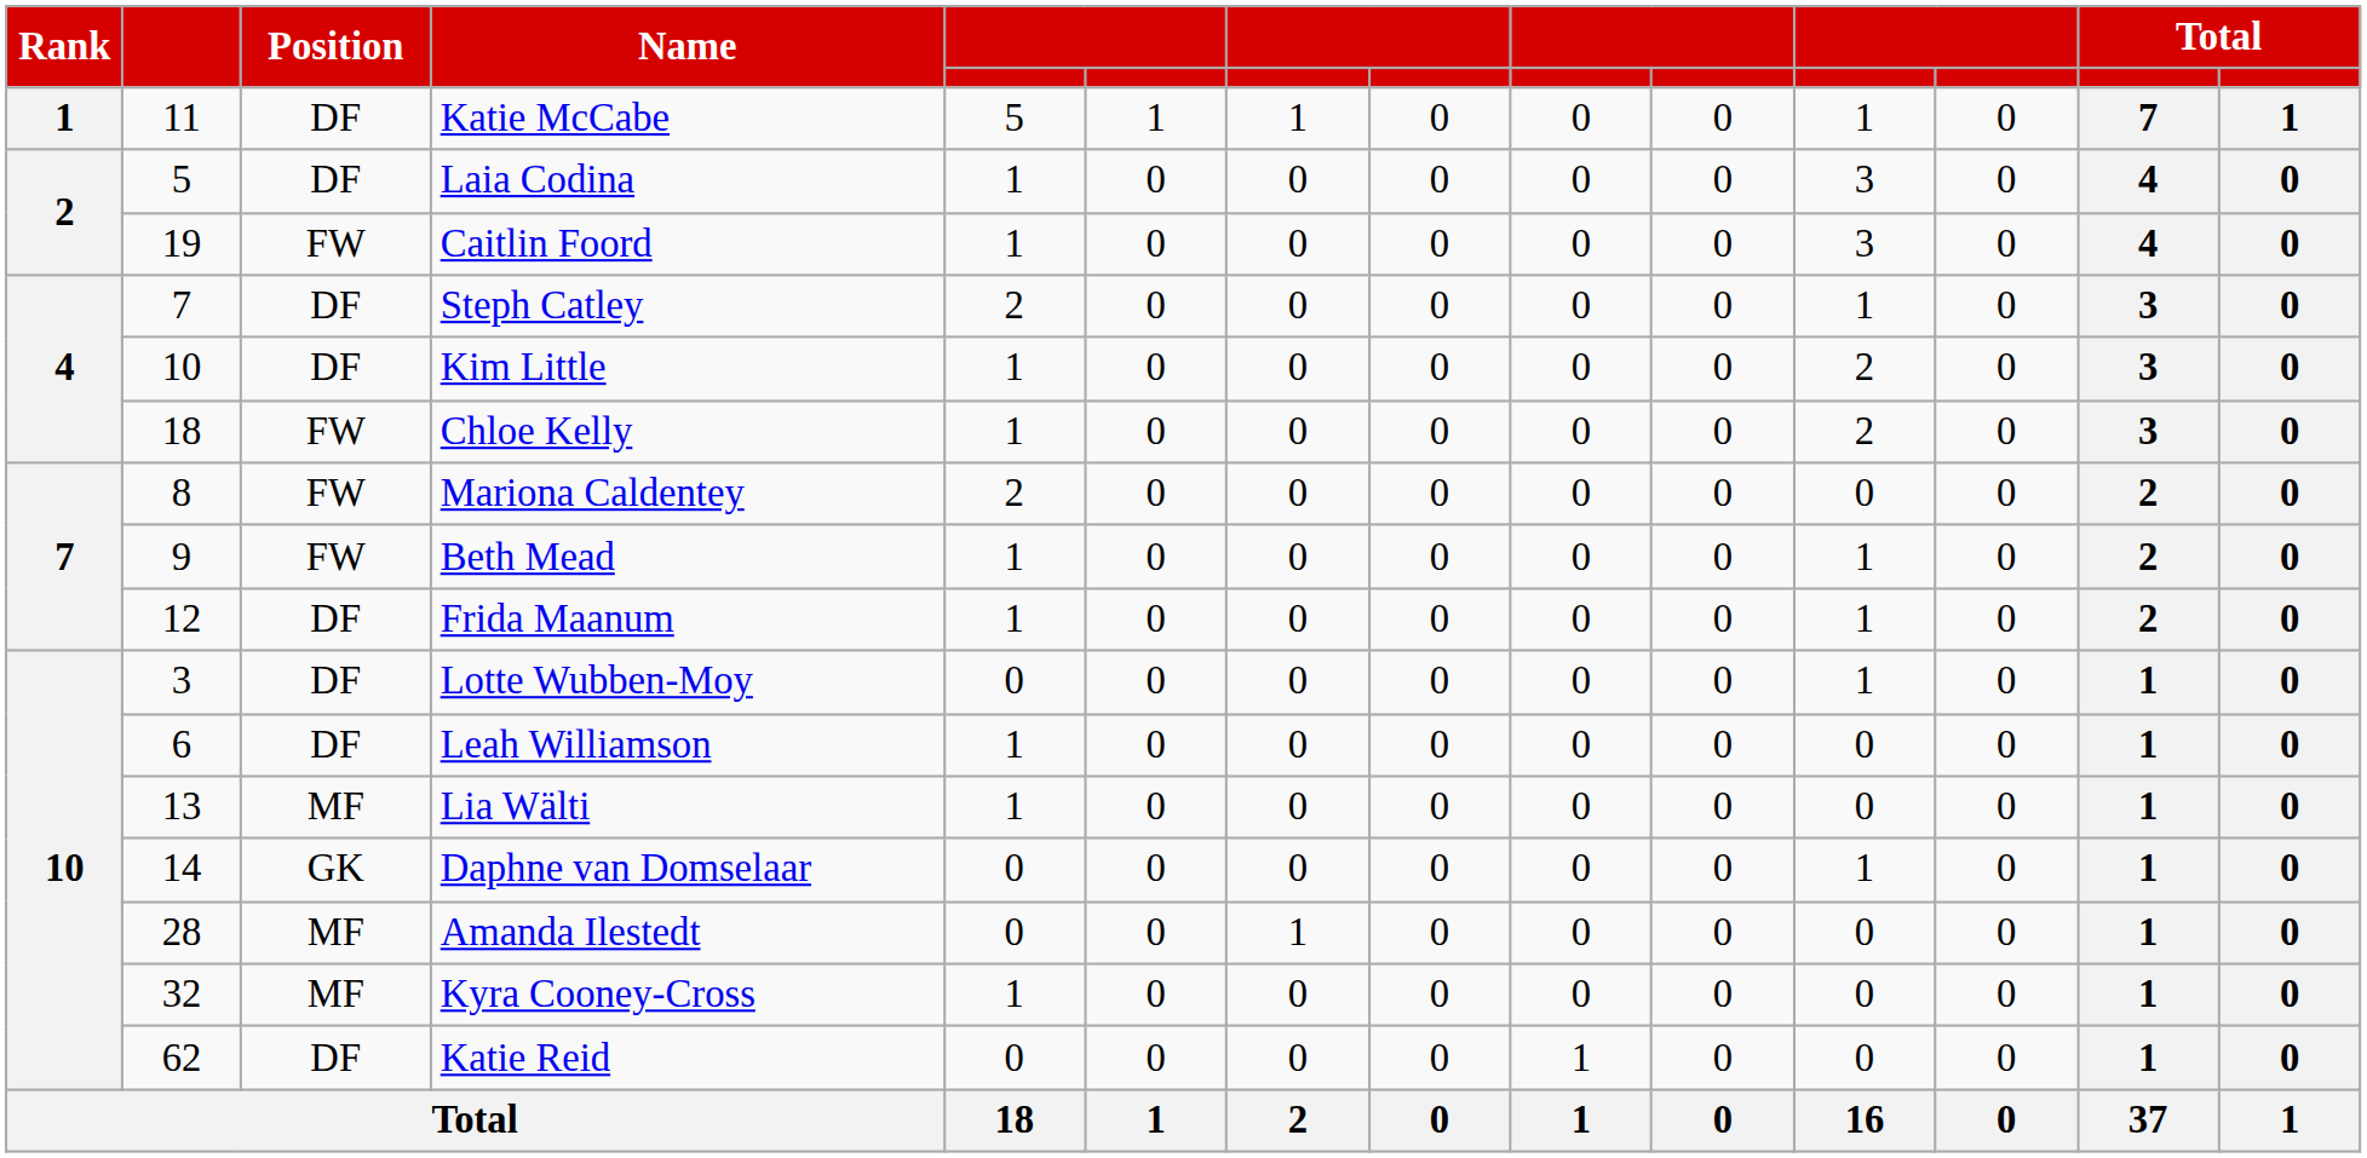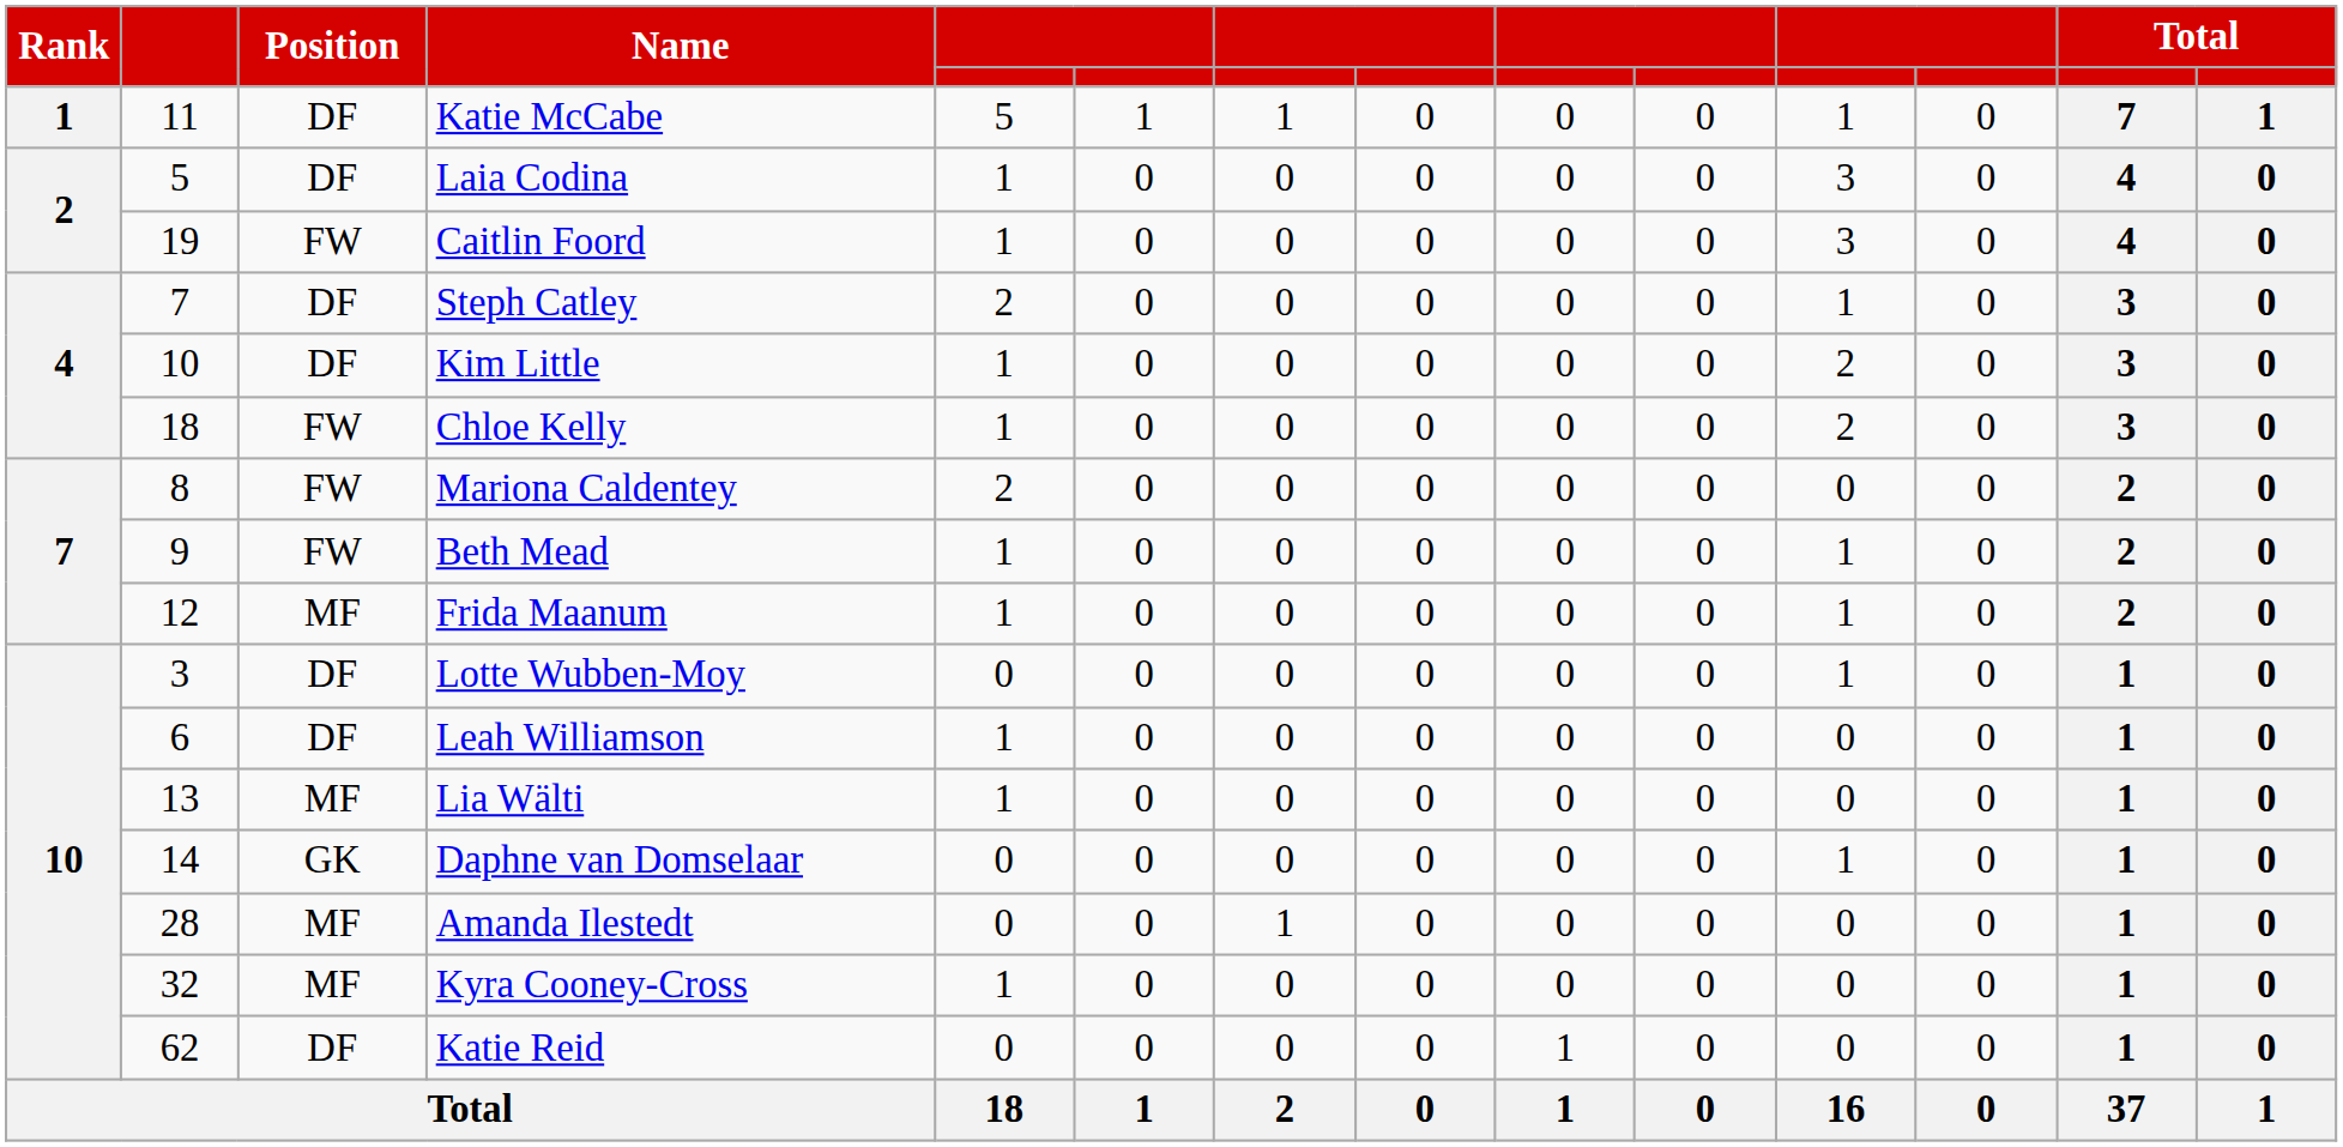 <table class="wikitable sortable" style="text-align:center; font-size:100%; ">
 <tr>
 <th style="background:#d50000; color:white; text-align:center; width:40px;" rowspan="2">Rank</th>
 <th style="background:#d50000; color:white; text-align:center; width:40px;" rowspan="2"></th>
 <th style="background:#d50000; color:white; text-align:center; width:70px;" rowspan="2">Position</th>
 <th style="background:#d50000; color:white; text-align:center; width:200px;" rowspan="2">Name</th>
 <th style="background:#d50000; color:white; text-align:center;" colspan="2"><a href='#'></a></th>
 <th style="background:#d50000; color:white; text-align:center;" colspan="2"><a href='#'></a></th>
 <th style="background:#d50000; color:white; text-align:center;" colspan="2"><a href='#'></a></th>
 <th style="background:#d50000; color:white; text-align:center;" colspan="2"><a href='#'></a></th>
 <th style="background:#d50000; color:white; text-align:center;" colspan="2">Total</th>
 </tr>
 <tr>
 <th style="background:#d50000; color:white; text-align:center; width:50px;"></th>
 <th style="background:#d50000; color:white; text-align:center; width:50px;"></th>
 <th style="background:#d50000; color:white; text-align:center; width:50px;"></th>
 <th style="background:#d50000; color:white; text-align:center; width:50px;"></th>
 <th style="background:#d50000; color:white; text-align:center; width:50px;"></th>
 <th style="background:#d50000; color:white; text-align:center; width:50px;"></th>
 <th style="background:#d50000; color:white; text-align:center; width:50px;"></th>
 <th style="background:#d50000; color:white; text-align:center; width:50px;"></th>
 <th style="background:#d50000; color:white; text-align:center; width:50px;"></th>
 <th style="background:#d50000; color:white; text-align:center; width:50px;"></th>
 </tr>
 <tr>
 <th>1</th>
 <td>11</td>
 <td>DF</td>
 <td align="left"> <a href='#'>Katie McCabe</a></td>
 <td>5</td>
 <td>1</td>
 <td>1</td>
 <td>0</td>
 <td>0</td>
 <td>0</td>
 <td>1</td>
 <td>0</td>
 <th>7</th>
 <th>1</th>
 </tr>
 <tr>
 <th rowspan="2">2</th>
 <td>5</td>
 <td>DF</td>
 <td align="left"> <a href='#'>Laia Codina</a></td>
 <td>1</td>
 <td>0</td>
 <td>0</td>
 <td>0</td>
 <td>0</td>
 <td>0</td>
 <td>3</td>
 <td>0</td>
 <th>4</th>
 <th>0</th>
 </tr>
 <tr>
 <td>19</td>
 <td>FW</td>
 <td align="left"> <a href='#'>Caitlin Foord</a></td>
 <td>1</td>
 <td>0</td>
 <td>0</td>
 <td>0</td>
 <td>0</td>
 <td>0</td>
 <td>3</td>
 <td>0</td>
 <th>4</th>
 <th>0</th>
 </tr>
 <tr>
 <th rowspan="3">4</th>
 <td>7</td>
 <td>DF</td>
 <td align="left"> <a href='#'>Steph Catley</a></td>
 <td>2</td>
 <td>0</td>
 <td>0</td>
 <td>0</td>
 <td>0</td>
 <td>0</td>
 <td>1</td>
 <td>0</td>
 <th>3</th>
 <th>0</th>
 </tr>
 <tr>
 <td>10</td>
 <td>DF</td>
 <td align="left"> <a href='#'>Kim Little</a></td>
 <td>1</td>
 <td>0</td>
 <td>0</td>
 <td>0</td>
 <td>0</td>
 <td>0</td>
 <td>2</td>
 <td>0</td>
 <th>3</th>
 <th>0</th>
 </tr>
 <tr>
 <td>18</td>
 <td>FW</td>
 <td align="left"> <a href='#'>Chloe Kelly</a></td>
 <td>1</td>
 <td>0</td>
 <td>0</td>
 <td>0</td>
 <td>0</td>
 <td>0</td>
 <td>2</td>
 <td>0</td>
 <th>3</th>
 <th>0</th>
 </tr>
 <tr>
 <th rowspan="3">7</th>
 <td>8</td>
 <td>FW</td>
 <td align="left"> <a href='#'>Mariona Caldentey</a></td>
 <td>2</td>
 <td>0</td>
 <td>0</td>
 <td>0</td>
 <td>0</td>
 <td>0</td>
 <td>0</td>
 <td>0</td>
 <th>2</th>
 <th>0</th>
 </tr>
 <tr>
 <td>9</td>
 <td>FW</td>
 <td align="left"> <a href='#'>Beth Mead</a></td>
 <td>1</td>
 <td>0</td>
 <td>0</td>
 <td>0</td>
 <td>0</td>
 <td>0</td>
 <td>1</td>
 <td>0</td>
 <th>2</th>
 <th>0</th>
 </tr>
 <tr>
 <td>12</td>
-<td>DF</td>
+<td>MF</td>
 <td align="left"> <a href='#'>Frida Maanum</a></td>
 <td>1</td>
 <td>0</td>
 <td>0</td>
 <td>0</td>
 <td>0</td>
 <td>0</td>
 <td>1</td>
 <td>0</td>
 <th>2</th>
 <th>0</th>
 </tr>
 <tr>
 <th rowspan="7">10</th>
 <td>3</td>
 <td>DF</td>
 <td align="left"> <a href='#'>Lotte Wubben-Moy</a></td>
 <td>0</td>
 <td>0</td>
 <td>0</td>
 <td>0</td>
 <td>0</td>
 <td>0</td>
 <td>1</td>
 <td>0</td>
 <th>1</th>
 <th>0</th>
 </tr>
 <tr>
 <td>6</td>
 <td>DF</td>
 <td align="left"> <a href='#'>Leah Williamson</a></td>
 <td>1</td>
 <td>0</td>
 <td>0</td>
 <td>0</td>
 <td>0</td>
 <td>0</td>
 <td>0</td>
 <td>0</td>
 <th>1</th>
 <th>0</th>
 </tr>
 <tr>
 <td>13</td>
 <td>MF</td>
 <td align="left"> <a href='#'>Lia Wälti</a></td>
 <td>1</td>
 <td>0</td>
 <td>0</td>
 <td>0</td>
 <td>0</td>
 <td>0</td>
 <td>0</td>
 <td>0</td>
 <th>1</th>
 <th>0</th>
 </tr>
 <tr>
 <td>14</td>
 <td>GK</td>
 <td align="left"> <a href='#'>Daphne van Domselaar</a></td>
 <td>0</td>
 <td>0</td>
 <td>0</td>
 <td>0</td>
 <td>0</td>
 <td>0</td>
 <td>1</td>
 <td>0</td>
 <th>1</th>
 <th>0</th>
 </tr>
 <tr>
 <td>28</td>
 <td>MF</td>
 <td align="left"> <a href='#'>Amanda Ilestedt</a></td>
 <td>0</td>
 <td>0</td>
 <td>1</td>
 <td>0</td>
 <td>0</td>
 <td>0</td>
 <td>0</td>
 <td>0</td>
 <th>1</th>
 <th>0</th>
 </tr>
 <tr>
 <td>32</td>
 <td>MF</td>
 <td align="left"> <a href='#'>Kyra Cooney-Cross</a></td>
 <td>1</td>
 <td>0</td>
 <td>0</td>
 <td>0</td>
 <td>0</td>
 <td>0</td>
 <td>0</td>
 <td>0</td>
 <th>1</th>
 <th>0</th>
 </tr>
 <tr>
 <td>62</td>
 <td>DF</td>
 <td align="left"> <a href='#'>Katie Reid</a></td>
 <td>0</td>
 <td>0</td>
 <td>0</td>
 <td>0</td>
 <td>1</td>
 <td>0</td>
 <td>0</td>
 <td>0</td>
 <th>1</th>
 <th>0</th>
 </tr>
 <tr>
 <th colspan="4">Total</th>
 <th>18</th>
 <th>1</th>
 <th>2</th>
 <th>0</th>
 <th>1</th>
 <th>0</th>
 <th>16</th>
 <th>0</th>
 <th>37</th>
 <th>1</th>
 </tr>
 </table>
